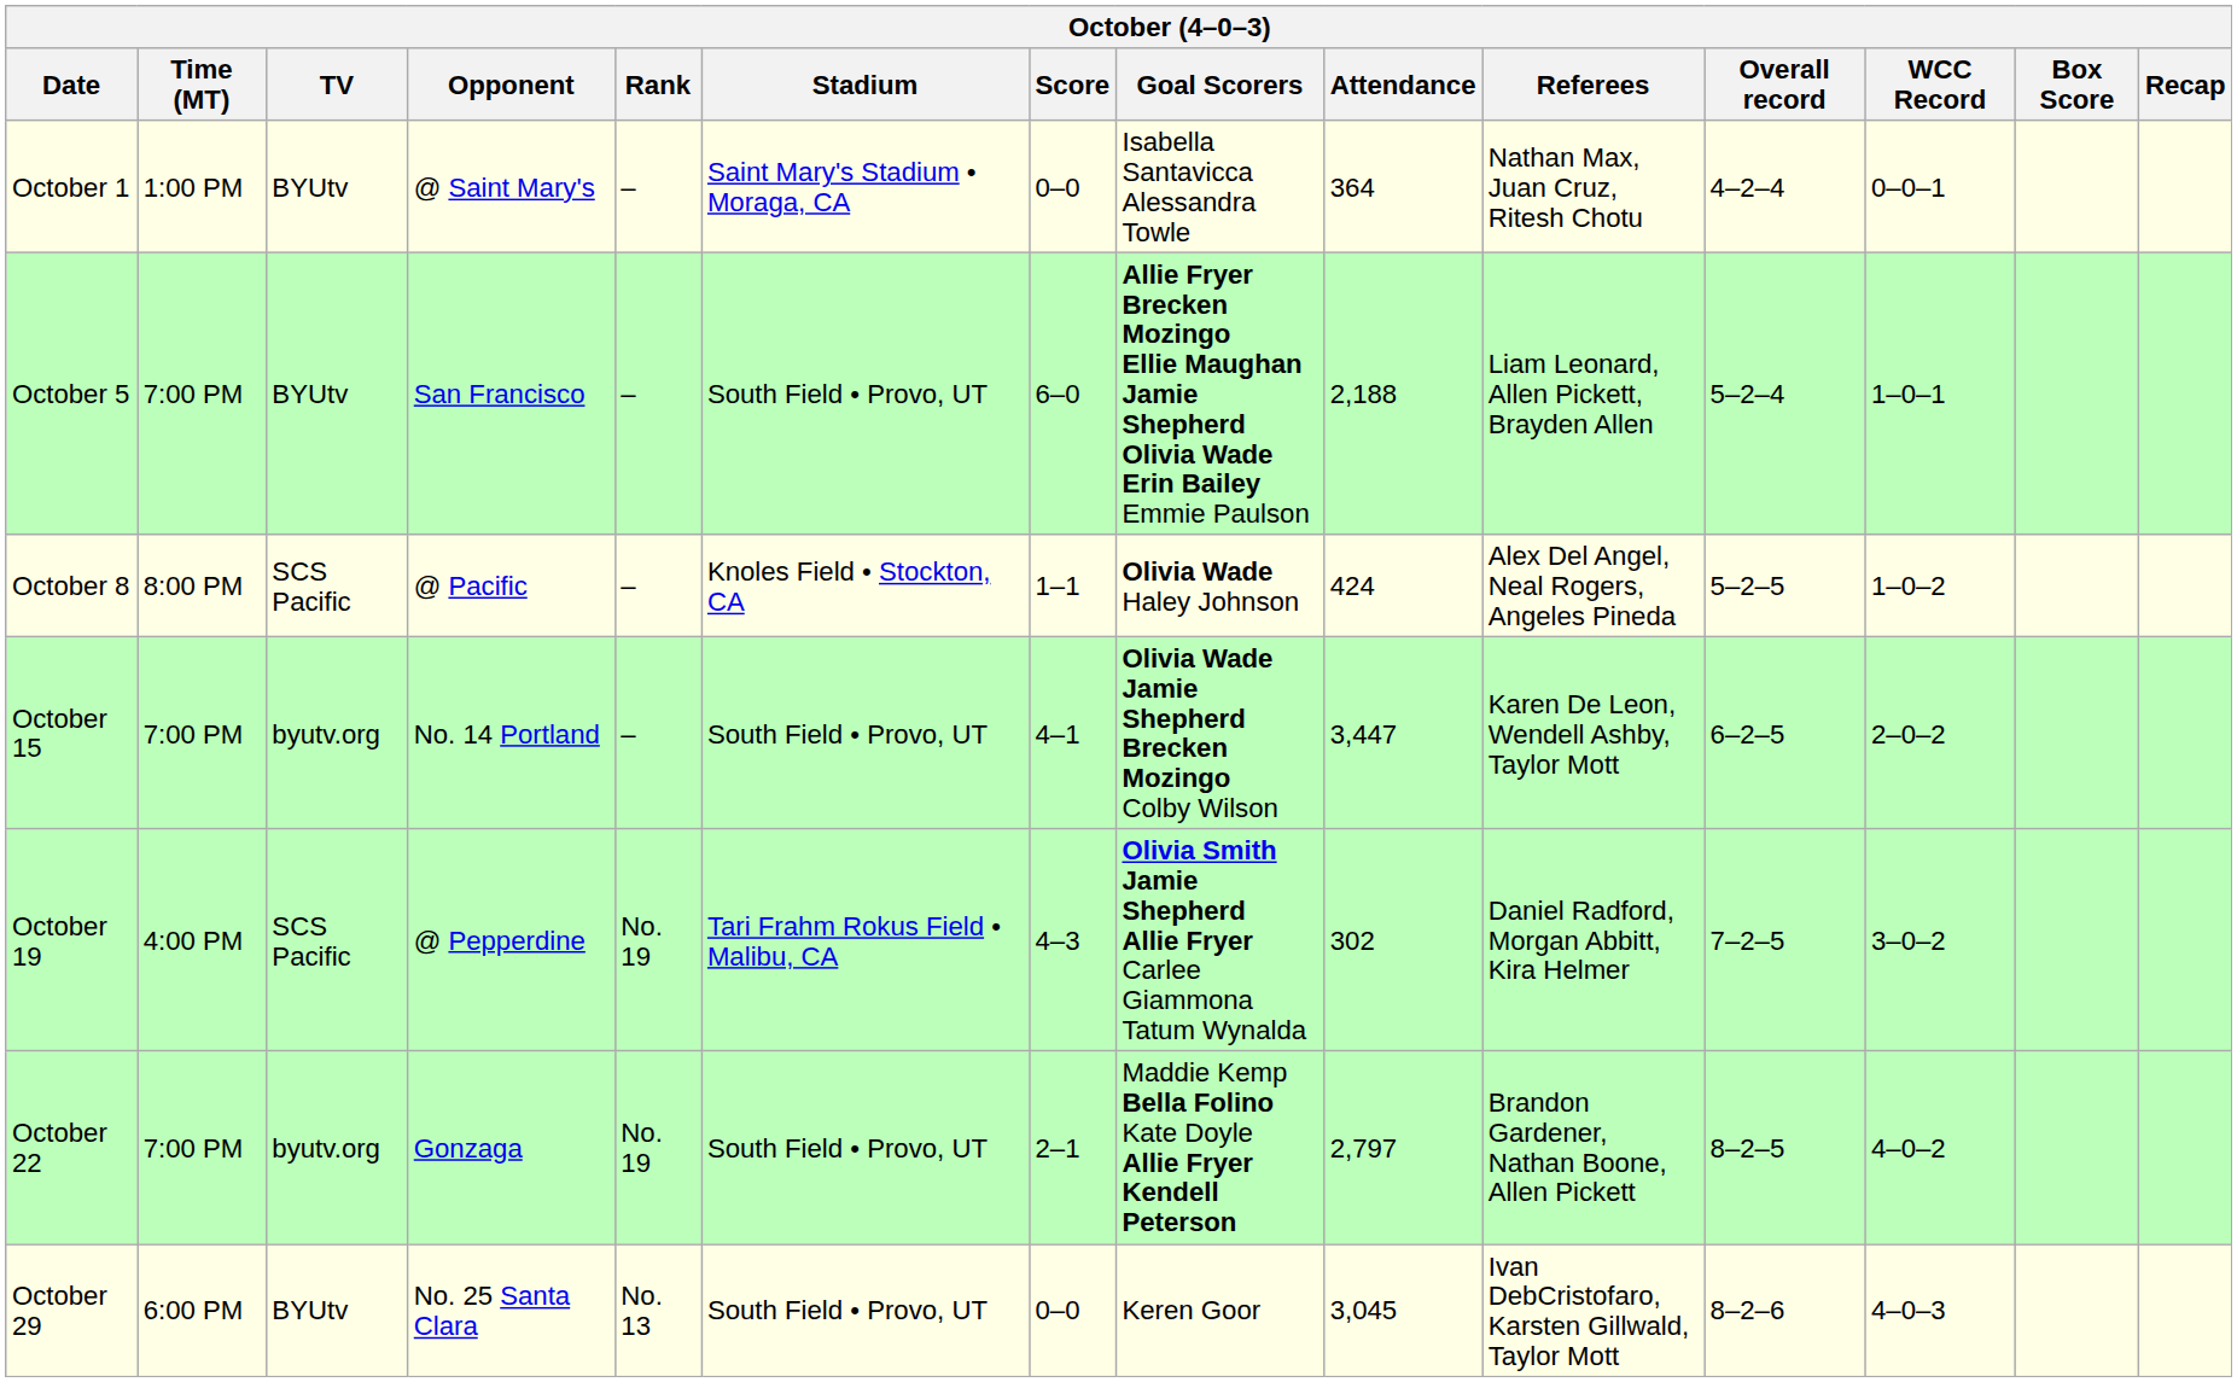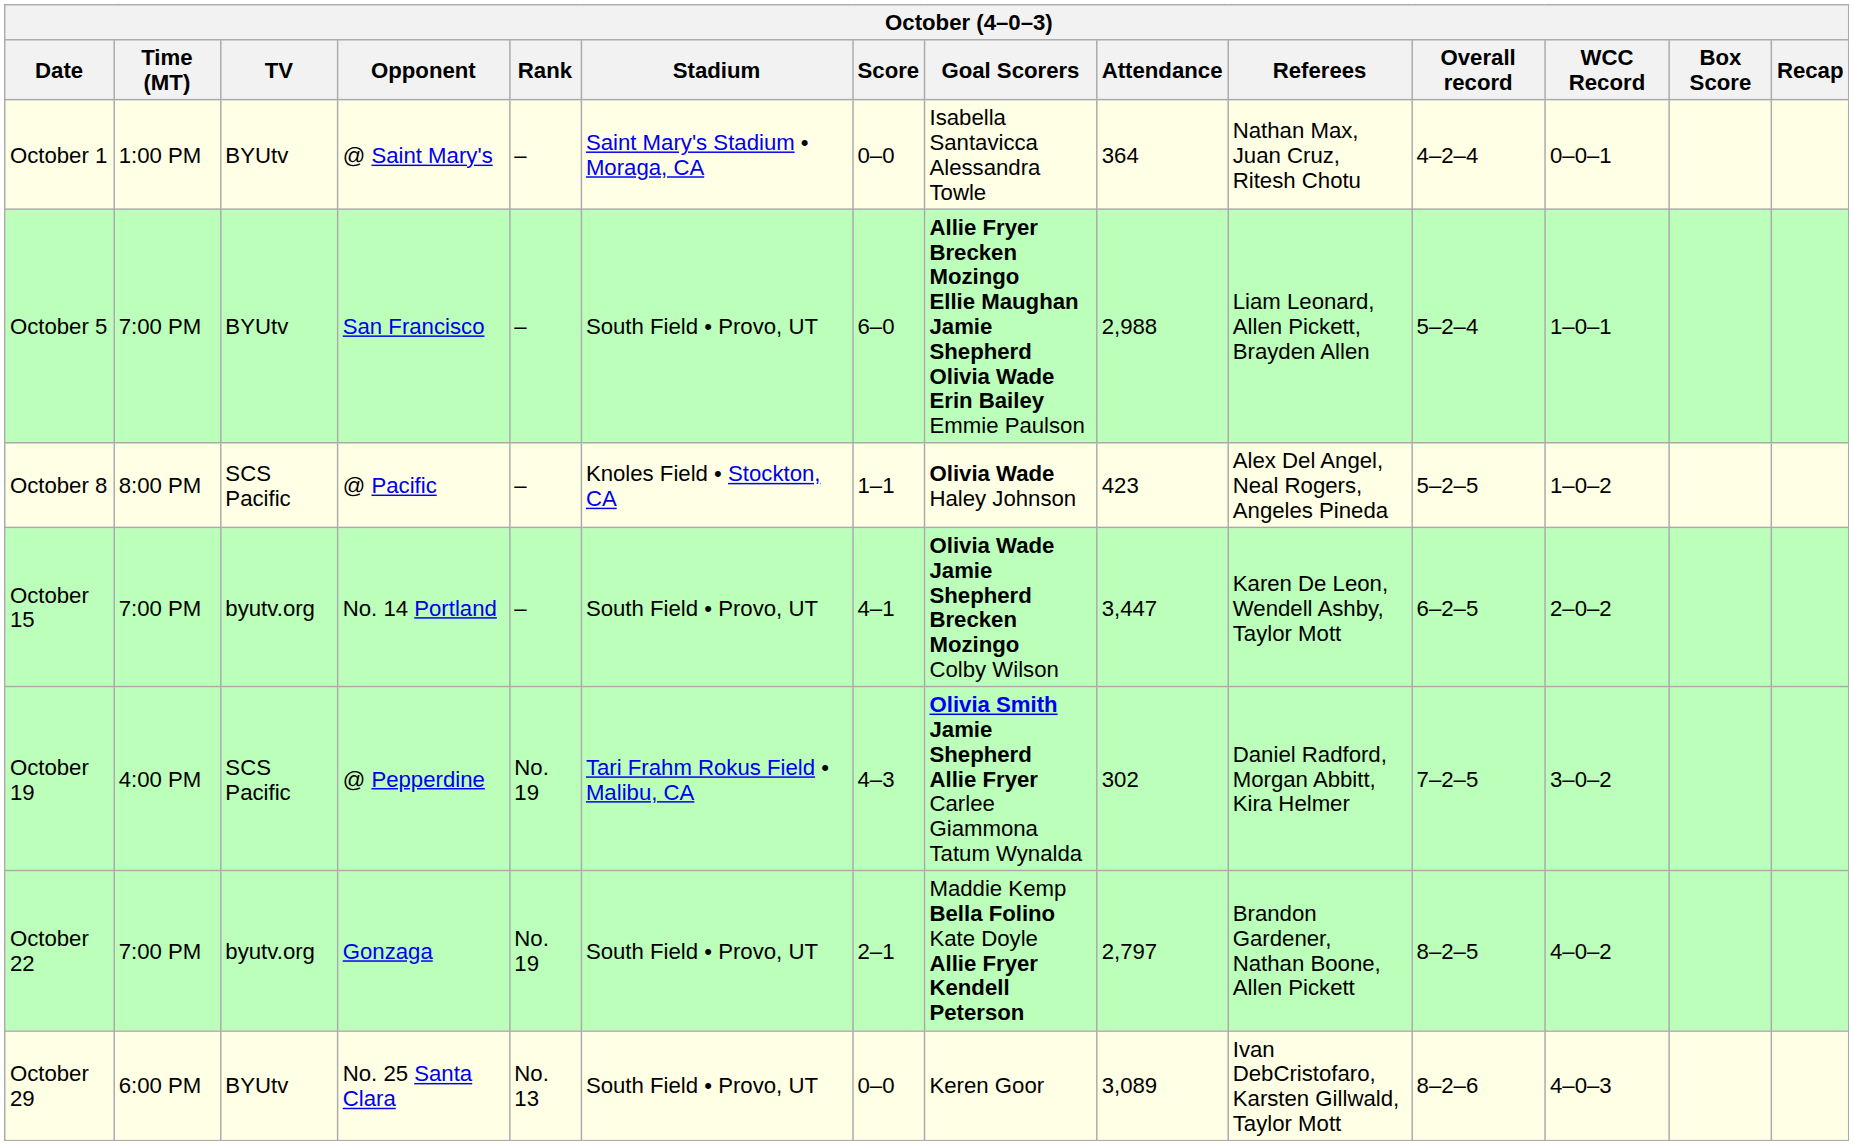 <table class="wikitable collapsible collapsed" style="margin:auto; font-size:95%; width:100%">
 <tr>
 <th colspan=14 style="padding-left:4em;">October (4–0–3)</th>
 </tr>
 <tr>
 <th>Date</th>
 <th>Time (MT)</th>
 <th>TV</th>
 <th>Opponent</th>
 <th>Rank</th>
 <th>Stadium</th>
 <th>Score</th>
 <th>Goal Scorers</th>
 <th>Attendance</th>
 <th>Referees</th>
 <th>Overall record</th>
 <th>WCC Record</th>
 <th>Box Score</th>
 <th>Recap</th>
 </tr>
 <tr bgcolor=ffffe6>
 <td>October 1</td>
 <td>1:00 PM</td>
 <td>BYUtv</td>
 <td>@ <a href='#'>Saint Mary's</a></td>
 <td>–</td>
 <td><a href='#'>Saint Mary's Stadium</a> • <a href='#'>Moraga, CA</a></td>
 <td>0–0</td>
 <td>Isabella Santavicca   <br> Alessandra Towle </td>
 <td>364</td>
 <td>Nathan Max, <br> Juan Cruz, <br> Ritesh Chotu</td>
 <td>4–2–4</td>
 <td>0–0–1</td>
 <td></td>
 <td></td>
 </tr>
 <tr bgcolor=bbffbb>
 <td>October 5</td>
 <td>7:00 PM</td>
 <td>BYUtv</td>
 <td><a href='#'>San Francisco</a></td>
 <td>–</td>
 <td>South Field • Provo, UT</td>
 <td>6–0</td>
 <td><strong>Allie Fryer</strong>  <br> <strong>Brecken Mozingo</strong>  <br> <strong>Ellie Maughan</strong>  <br> <strong>Jamie Shepherd</strong>  <br> <strong>Olivia Wade</strong>  <br> <strong>Erin Bailey</strong>  <br>  Emmie Paulson</td>
-<td>2,188</td>
+<td>2,988</td>
 <td>Liam Leonard, <br> Allen Pickett, <br> Brayden Allen</td>
 <td>5–2–4</td>
 <td>1–0–1</td>
 <td></td>
 <td></td>
 </tr>
 <tr bgcolor=ffffe6>
 <td>October 8</td>
 <td>8:00 PM</td>
 <td>SCS Pacific</td>
 <td>@ <a href='#'>Pacific</a></td>
 <td>–</td>
 <td>Knoles Field • <a href='#'>Stockton, CA</a></td>
 <td>1–1</td>
 <td><strong>Olivia Wade</strong>  <br>  Haley Johnson</td>
-<td>424</td>
+<td>423</td>
 <td>Alex Del Angel, <br> Neal Rogers, <br> Angeles Pineda</td>
 <td>5–2–5</td>
 <td>1–0–2</td>
 <td></td>
 <td></td>
 </tr>
 <tr bgcolor=bbffbb>
 <td>October 15</td>
 <td>7:00 PM</td>
 <td>byutv.org</td>
 <td>No. 14 <a href='#'>Portland</a></td>
 <td>–</td>
 <td>South Field • Provo, UT</td>
 <td>4–1</td>
 <td><strong>Olivia Wade</strong>  <br> <strong>Jamie Shepherd</strong>  <br> <strong>Brecken Mozingo</strong>  <br>  Colby Wilson</td>
 <td>3,447</td>
 <td>Karen De Leon, <br> Wendell Ashby, <br> Taylor Mott</td>
 <td>6–2–5</td>
 <td>2–0–2</td>
 <td></td>
 <td></td>
 </tr>
 <tr bgcolor=bbffbb>
 <td>October 19</td>
 <td>4:00 PM</td>
 <td>SCS Pacific</td>
 <td>@ <a href='#'>Pepperdine</a></td>
 <td>No. 19</td>
 <td><a href='#'>Tari Frahm Rokus Field</a> • <a href='#'>Malibu, CA</a></td>
 <td>4–3</td>
 <td><strong><a href='#'>Olivia Smith</a></strong>  <br> <strong>Jamie Shepherd</strong>  <br> <strong>Allie Fryer</strong>  <br>  Carlee Giammona <br>  Tatum Wynalda</td>
 <td>302</td>
 <td>Daniel Radford, <br> Morgan Abbitt, <br> Kira Helmer</td>
 <td>7–2–5</td>
 <td>3–0–2</td>
 <td></td>
 <td></td>
 </tr>
 <tr bgcolor=bbffbb>
 <td>October 22</td>
 <td>7:00 PM</td>
 <td>byutv.org</td>
 <td><a href='#'>Gonzaga</a></td>
 <td>No. 19</td>
 <td>South Field • Provo, UT</td>
 <td>2–1</td>
 <td> Maddie Kemp  <br> <strong>Bella Folino</strong>  <br>  Kate Doyle <br> <strong>Allie Fryer</strong>  <br> <strong>Kendell Peterson</strong> </td>
 <td>2,797</td>
 <td>Brandon Gardener, <br> Nathan Boone, <br> Allen Pickett</td>
 <td>8–2–5</td>
 <td>4–0–2</td>
 <td></td>
 <td></td>
 </tr>
 <tr bgcolor=ffffe6>
 <td>October 29</td>
 <td>6:00 PM</td>
 <td>BYUtv</td>
 <td>No. 25 <a href='#'>Santa Clara</a></td>
 <td>No. 13</td>
 <td>South Field • Provo, UT</td>
 <td>0–0</td>
 <td> Keren Goor</td>
-<td>3,045</td>
+<td>3,089</td>
 <td>Ivan DebCristofaro, <br> Karsten Gillwald, <br> Taylor Mott</td>
 <td>8–2–6</td>
 <td>4–0–3</td>
 <td></td>
 <td></td>
 </tr>
 </table>
